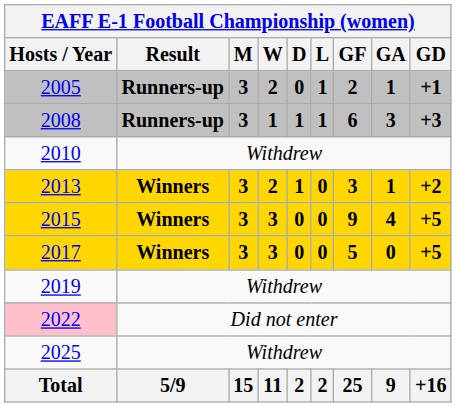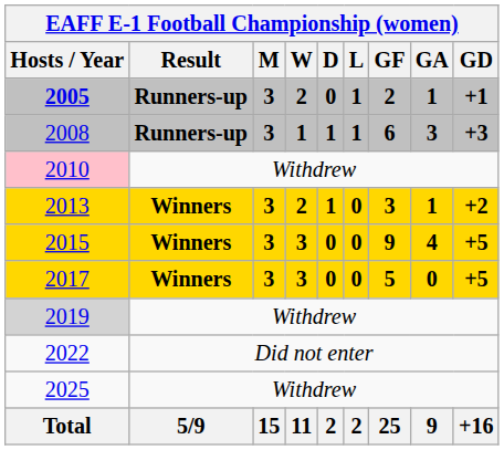 <table class="wikitable" style="text-align: center;font-size:95%;">
 <tr>
 <th colspan=9><a href='#'>EAFF E-1 Football Championship (women)</a></th>
 </tr>
 <tr>
 <th>Hosts / Year</th>
 <th>Result</th>
 <th>M</th>
 <th>W</th>
 <th>D</th>
 <th>L</th>
 <th>GF</th>
 <th>GA</th>
 <th>GD</th>
 </tr>
 <tr bgcolor=silver>
-<td> <a href='#'>2005</a></td>
+<td><strong> <a href='#'>2005</a></strong></td>
 <td><strong>Runners-up</strong></td>
 <td><strong>3</strong></td>
 <td><strong>2</strong></td>
 <td><strong>0</strong></td>
 <td><strong>1</strong></td>
 <td><strong>2</strong></td>
 <td><strong>1</strong></td>
 <td><strong>+1</strong></td>
 </tr>
 <tr bgcolor=silver>
 <td> <a href='#'>2008</a></td>
 <td><strong>Runners-up</strong></td>
 <td><strong>3</strong></td>
 <td><strong>1</strong></td>
 <td><strong>1</strong></td>
 <td><strong>1</strong></td>
 <td><strong>6</strong></td>
 <td><strong>3</strong></td>
 <td><strong>+3</strong></td>
 </tr>
 <tr>
-<td> <a href='#'>2010</a></td>
+<td style="background: pink;"> <a href='#'>2010</a></td>
 <td colspan=8><em>Withdrew</em></td>
 </tr>
 <tr bgcolor=gold>
 <td> <a href='#'>2013</a></td>
 <td><strong>Winners</strong></td>
 <td><strong>3</strong></td>
 <td><strong>2</strong></td>
 <td><strong>1</strong></td>
 <td><strong>0</strong></td>
 <td><strong>3</strong></td>
 <td><strong>1</strong></td>
 <td><strong>+2</strong></td>
 </tr>
 <tr bgcolor=gold>
 <td> <a href='#'>2015</a></td>
 <td><strong>Winners</strong></td>
 <td><strong>3</strong></td>
 <td><strong>3</strong></td>
 <td><strong>0</strong></td>
 <td><strong>0</strong></td>
 <td><strong>9</strong></td>
 <td><strong>4</strong></td>
 <td><strong>+5</strong></td>
 </tr>
 <tr bgcolor=gold>
 <td> <a href='#'>2017</a></td>
 <td><strong>Winners</strong></td>
 <td><strong>3</strong></td>
 <td><strong>3</strong></td>
 <td><strong>0</strong></td>
 <td><strong>0</strong></td>
 <td><strong>5</strong></td>
 <td><strong>0</strong></td>
 <td><strong>+5</strong></td>
 </tr>
 <tr>
-<td> <a href='#'>2019</a></td>
+<td style="background: lightgrey;"> <a href='#'>2019</a></td>
 <td colspan=8><em>Withdrew</em></td>
 </tr>
 <tr>
-<td style="background: pink;"> <a href='#'>2022</a></td>
+<td> <a href='#'>2022</a></td>
 <td colspan=8 rowspan=1><em>Did not enter</em></td>
 </tr>
 <tr>
 <td> <a href='#'>2025</a></td>
 <td colspan=8><em>Withdrew</em></td>
 </tr>
 <tr>
 <th>Total</th>
 <th>5/9</th>
 <th>15</th>
 <th>11</th>
 <th>2</th>
 <th>2</th>
 <th>25</th>
 <th>9</th>
 <th>+16</th>
 </tr>
 </table>
